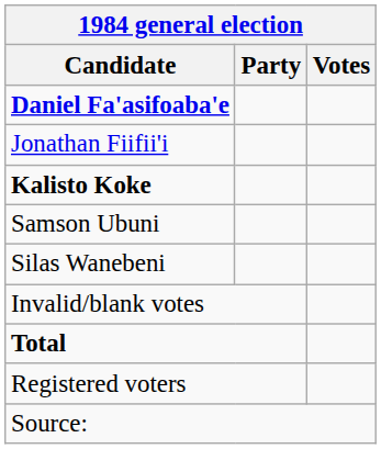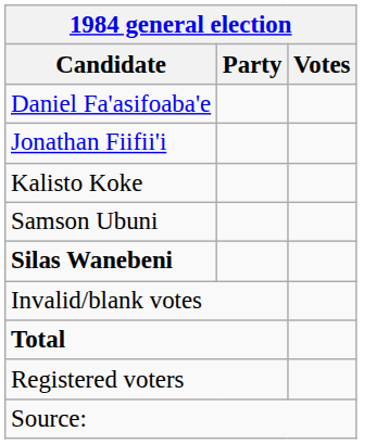 <table class=wikitable style=text-align:left>
 <tr>
 <th colspan=3><a href='#'>1984 general election</a></th>
 </tr>
 <tr>
 <th>Candidate</th>
 <th>Party</th>
 <th>Votes</th>
 </tr>
 <tr>
-<td><strong><a href='#'>Daniel Fa'asifoaba'e</a></strong></td>
+<td><a href='#'>Daniel Fa'asifoaba'e</a></td>
 <td></td>
 <td align=right></td>
 </tr>
 <tr>
 <td><a href='#'>Jonathan Fiifii'i</a></td>
 <td></td>
 <td align=right></td>
 </tr>
 <tr>
-<td><strong>Kalisto Koke</strong></td>
+<td>Kalisto Koke</td>
 <td></td>
 <td align=right></td>
 </tr>
 <tr>
 <td>Samson Ubuni</td>
 <td></td>
 <td align=right></td>
 </tr>
 <tr>
-<td>Silas Wanebeni</td>
+<td><strong>Silas Wanebeni</strong></td>
 <td></td>
 <td align=right></td>
 </tr>
 <tr>
 <td colspan=2>Invalid/blank votes</td>
 <td></td>
 </tr>
 <tr>
 <td colspan=2><strong>Total</strong></td>
 <td align=right></td>
 </tr>
 <tr>
 <td colspan=2>Registered voters</td>
 <td align=right></td>
 </tr>
 <tr>
 <td colspan=3>Source: </td>
 </tr>
 </table>
